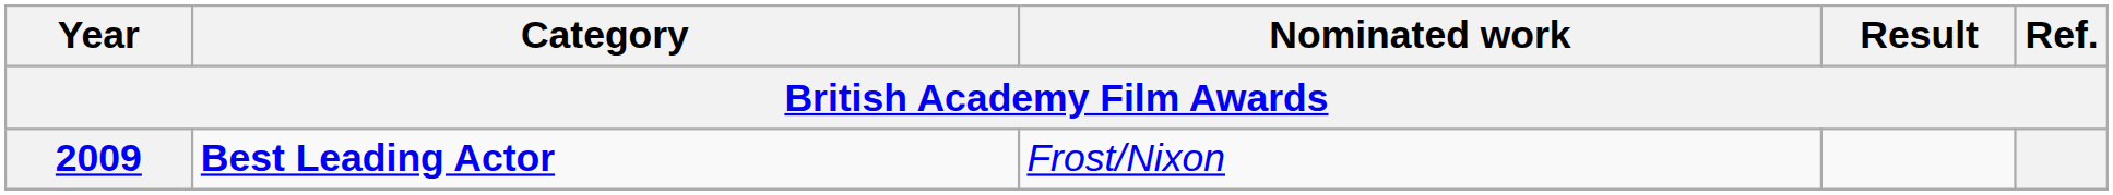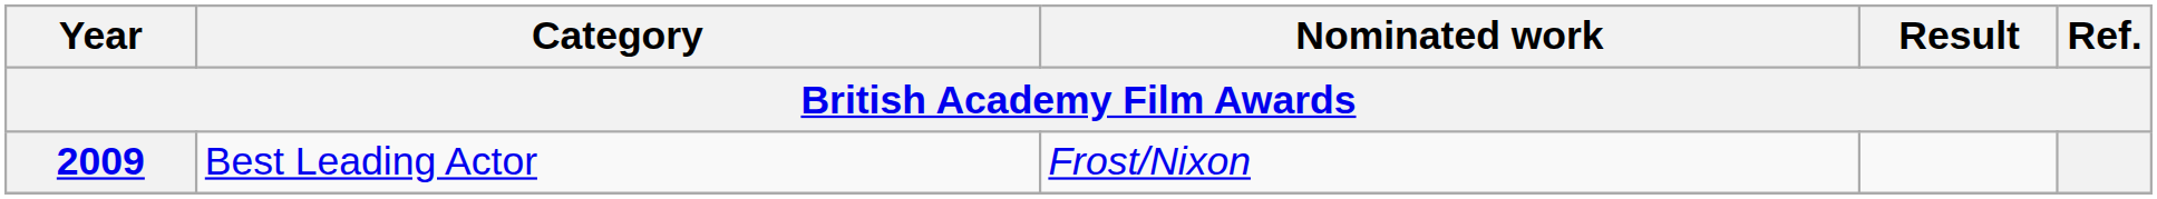 <table class=wikitable>
 <tr>
 <th scope="col" style="width:5em;">Year</th>
 <th scope="col" style="width:26em;">Category</th>
 <th scope="col" style="width:25em;">Nominated work</th>
 <th scope="col" style="width:5em;">Result</th>
 <th>Ref.</th>
 </tr>
 <tr>
 <th colspan=5><a href='#'>British Academy Film Awards</a></th>
 </tr>
 <tr>
 <th Scope=row><a href='#'>2009</a></th>
-<td><strong><a href='#'>Best Leading Actor</a></strong></td>
+<td><a href='#'>Best Leading Actor</a></td>
 <td><em><a href='#'>Frost/Nixon</a></em></td>
 <td></td>
 <th Scope=row></th>
 </tr>
 <tr>
 </tr>
 </table>
